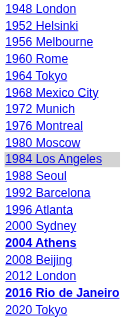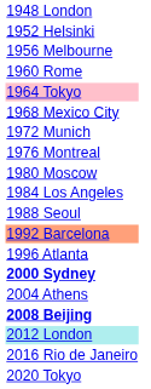 <table>
 <tr>
 <td><a href='#'>1948 London</a><br></td>
 <td></td>
 <td></td>
 <td></td>
 </tr>
 <tr>
 <td><a href='#'>1952 Helsinki</a><br></td>
 <td></td>
 <td></td>
 <td></td>
 </tr>
 <tr>
 <td><a href='#'>1956 Melbourne</a><br></td>
 <td></td>
 <td></td>
 <td></td>
 </tr>
 <tr>
 <td><a href='#'>1960 Rome</a><br></td>
 <td></td>
 <td></td>
 <td></td>
 </tr>
 <tr>
-<td><a href='#'>1964 Tokyo</a><br></td>
+<td style="background: pink;"><a href='#'>1964 Tokyo</a><br></td>
 <td></td>
 <td></td>
 <td></td>
 </tr>
 <tr>
 <td><a href='#'>1968 Mexico City</a><br></td>
 <td></td>
 <td></td>
 <td></td>
 </tr>
 <tr>
 <td><a href='#'>1972 Munich</a><br></td>
 <td></td>
 <td></td>
 <td></td>
 </tr>
 <tr>
 <td><a href='#'>1976 Montreal</a><br></td>
 <td></td>
 <td></td>
 <td></td>
 </tr>
 <tr>
 <td><a href='#'>1980 Moscow</a><br></td>
 <td></td>
 <td></td>
 <td></td>
 </tr>
 <tr>
-<td style="background: lightgrey;"><a href='#'>1984 Los Angeles</a><br></td>
+<td><a href='#'>1984 Los Angeles</a><br></td>
 <td></td>
 <td></td>
 <td></td>
 </tr>
 <tr>
 <td><a href='#'>1988 Seoul</a><br></td>
 <td></td>
 <td></td>
 <td></td>
 </tr>
 <tr>
-<td><a href='#'>1992 Barcelona</a><br></td>
+<td style="background: lightsalmon;"><a href='#'>1992 Barcelona</a><br></td>
 <td></td>
 <td></td>
 <td></td>
 </tr>
 <tr>
 <td><a href='#'>1996 Atlanta</a><br></td>
 <td></td>
 <td></td>
 <td></td>
 </tr>
 <tr>
-<td><a href='#'>2000 Sydney</a><br></td>
+<td><strong><a href='#'>2000 Sydney</a><br></strong></td>
 <td></td>
 <td></td>
 <td></td>
 </tr>
 <tr>
-<td><strong><a href='#'>2004 Athens</a><br></strong></td>
+<td><a href='#'>2004 Athens</a><br></td>
 <td></td>
 <td></td>
 <td></td>
 </tr>
 <tr>
-<td><a href='#'>2008 Beijing</a><br></td>
+<td><strong><a href='#'>2008 Beijing</a><br></strong></td>
 <td></td>
 <td></td>
 <td></td>
 </tr>
 <tr>
-<td><a href='#'>2012 London</a><br></td>
+<td style="background: paleturquoise;"><a href='#'>2012 London</a><br></td>
 <td></td>
 <td></td>
 <td></td>
 </tr>
 <tr>
-<td><strong><a href='#'>2016 Rio de Janeiro</a><br></strong></td>
+<td><a href='#'>2016 Rio de Janeiro</a><br></td>
 <td></td>
 <td></td>
 <td></td>
 </tr>
 <tr>
 <td><a href='#'>2020 Tokyo</a><br></td>
 <td></td>
 <td></td>
 <td></td>
 </tr>
 </table>
